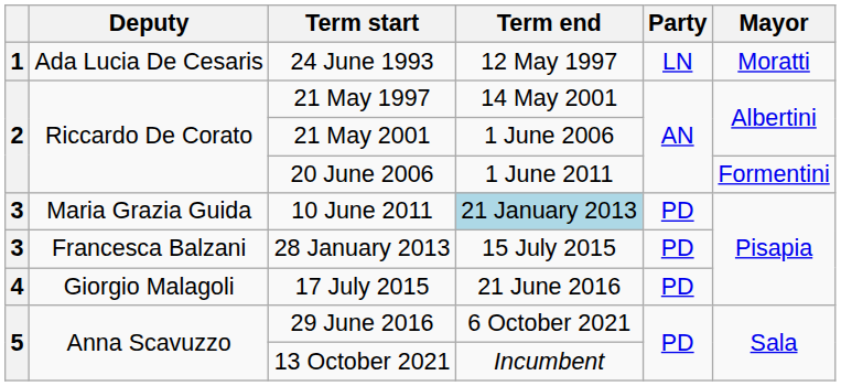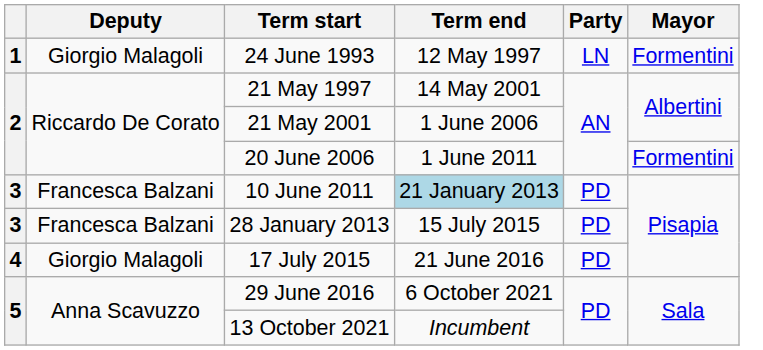 <table class="wikitable" style="text-align: center;">
 <tr>
 <th class=unsortable> </th>
 <th>Deputy</th>
 <th>Term start</th>
 <th>Term end</th>
 <th>Party</th>
 <th>Mayor</th>
 </tr>
 <tr>
 <th style="background:">1</th>
-<td>Ada Lucia De Cesaris</td>
+<td>Giorgio Malagoli</td>
 <td>24 June 1993</td>
 <td>12 May 1997</td>
 <td><a href='#'>LN</a></td>
-<td><a href='#'>Moratti</a></td>
+<td><a href='#'>Formentini</a></td>
 </tr>
 <tr>
 <th rowspan=3 style="background:">2</th>
 <td rowspan=3>Riccardo De Corato</td>
 <td>21 May 1997</td>
 <td>14 May 2001</td>
 <td rowspan=3><a href='#'>AN</a></td>
 <td rowspan=2><a href='#'>Albertini</a></td>
 </tr>
 <tr>
 <td>21 May 2001</td>
 <td>1 June 2006</td>
 </tr>
 <tr>
 <td>20 June 2006</td>
 <td>1 June 2011</td>
 <td><a href='#'>Formentini</a></td>
 </tr>
 <tr>
 <th style="background:">3</th>
-<td>Maria Grazia Guida</td>
+<td>Francesca Balzani</td>
 <td>10 June 2011</td>
 <td style="background: lightblue;">21 January 2013</td>
 <td><a href='#'>PD</a></td>
 <td rowspan=3><a href='#'>Pisapia</a></td>
 </tr>
 <tr>
 <th style="background:">3</th>
 <td>Francesca Balzani</td>
 <td>28 January 2013</td>
 <td>15 July 2015</td>
 <td><a href='#'>PD</a></td>
 </tr>
 <tr>
 <th style="background:">4</th>
 <td>Giorgio Malagoli</td>
 <td>17 July 2015</td>
 <td>21 June 2016</td>
 <td><a href='#'>PD</a></td>
 </tr>
 <tr>
 <th rowspan=2 style="background:">5</th>
 <td rowspan=2>Anna Scavuzzo</td>
 <td>29 June 2016</td>
 <td>6 October 2021</td>
 <td rowspan=2><a href='#'>PD</a></td>
 <td rowspan=2><a href='#'>Sala</a></td>
 </tr>
 <tr>
 <td>13 October 2021</td>
 <td><em>Incumbent</em></td>
 </tr>
 </table>
